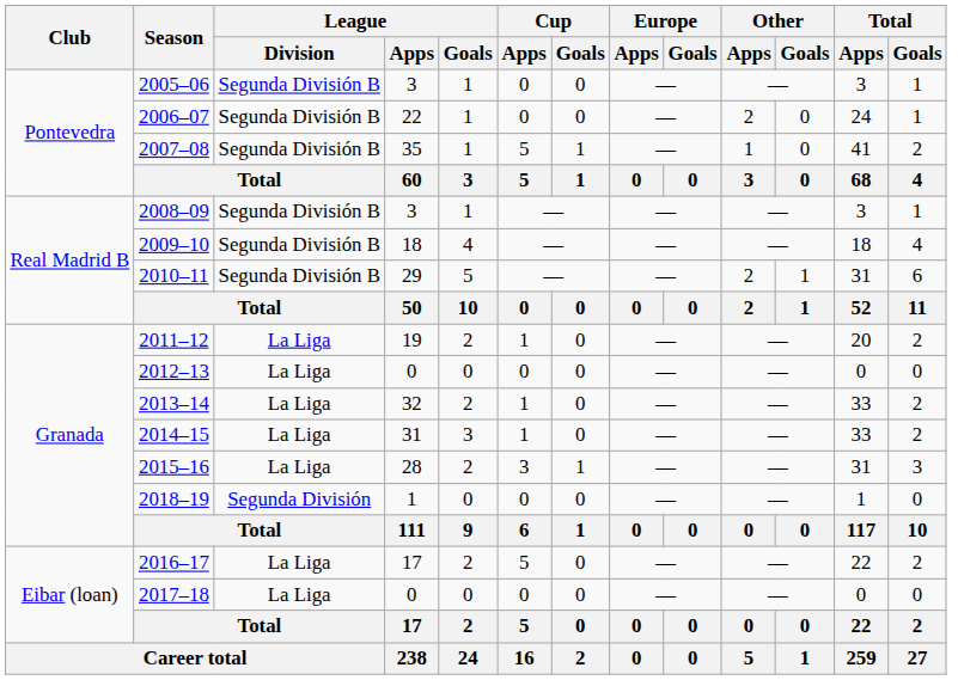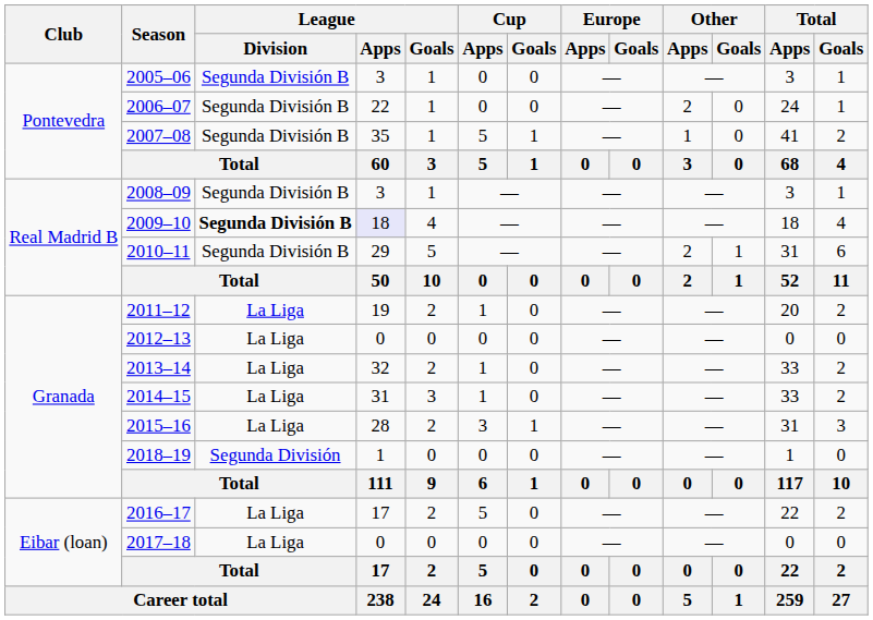 <table class="wikitable" style="text-align:center">
 <tr>
 <th rowspan="2">Club</th>
 <th rowspan="2">Season</th>
 <th colspan="3">League</th>
 <th colspan="2">Cup</th>
 <th colspan="2">Europe</th>
 <th colspan="2">Other</th>
 <th colspan="2">Total</th>
 </tr>
 <tr>
 <th>Division</th>
 <th>Apps</th>
 <th>Goals</th>
 <th>Apps</th>
 <th>Goals</th>
 <th>Apps</th>
 <th>Goals</th>
 <th>Apps</th>
 <th>Goals</th>
 <th>Apps</th>
 <th>Goals</th>
 </tr>
 <tr>
 <td rowspan="4"><a href='#'>Pontevedra</a></td>
 <td><a href='#'>2005–06</a></td>
 <td><a href='#'>Segunda División B</a></td>
 <td>3</td>
 <td>1</td>
 <td>0</td>
 <td>0</td>
 <td colspan="2">—</td>
 <td colspan="2">—</td>
 <td>3</td>
 <td>1</td>
 </tr>
 <tr>
 <td><a href='#'>2006–07</a></td>
 <td>Segunda División B</td>
 <td>22</td>
 <td>1</td>
 <td>0</td>
 <td>0</td>
 <td colspan="2">—</td>
 <td>2</td>
 <td>0</td>
 <td>24</td>
 <td>1</td>
 </tr>
 <tr>
 <td><a href='#'>2007–08</a></td>
 <td>Segunda División B</td>
 <td>35</td>
 <td>1</td>
 <td>5</td>
 <td>1</td>
 <td colspan="2">—</td>
 <td>1</td>
 <td>0</td>
 <td>41</td>
 <td>2</td>
 </tr>
 <tr>
 <th colspan="2">Total</th>
 <th>60</th>
 <th>3</th>
 <th>5</th>
 <th>1</th>
 <th>0</th>
 <th>0</th>
 <th>3</th>
 <th>0</th>
 <th>68</th>
 <th>4</th>
 </tr>
 <tr>
 <td rowspan="4"><a href='#'>Real Madrid B</a></td>
 <td><a href='#'>2008–09</a></td>
 <td>Segunda División B</td>
 <td>3</td>
 <td>1</td>
 <td colspan="2">—</td>
 <td colspan="2">—</td>
 <td colspan="2">—</td>
 <td>3</td>
 <td>1</td>
 </tr>
 <tr>
 <td><a href='#'>2009–10</a></td>
-<td>Segunda División B</td>
-<td>18</td>
+<td><strong>Segunda División B</strong></td>
+<td style="background: lavender;">18</td>
 <td>4</td>
 <td colspan="2">—</td>
 <td colspan="2">—</td>
 <td colspan="2">—</td>
 <td>18</td>
 <td>4</td>
 </tr>
 <tr>
 <td><a href='#'>2010–11</a></td>
 <td>Segunda División B</td>
 <td>29</td>
 <td>5</td>
 <td colspan="2">—</td>
 <td colspan="2">—</td>
 <td>2</td>
 <td>1</td>
 <td>31</td>
 <td>6</td>
 </tr>
 <tr>
 <th colspan="2">Total</th>
 <th>50</th>
 <th>10</th>
 <th>0</th>
 <th>0</th>
 <th>0</th>
 <th>0</th>
 <th>2</th>
 <th>1</th>
 <th>52</th>
 <th>11</th>
 </tr>
 <tr>
 <td rowspan="7"><a href='#'>Granada</a></td>
 <td><a href='#'>2011–12</a></td>
 <td><a href='#'>La Liga</a></td>
 <td>19</td>
 <td>2</td>
 <td>1</td>
 <td>0</td>
 <td colspan="2">—</td>
 <td colspan="2">—</td>
 <td>20</td>
 <td>2</td>
 </tr>
 <tr>
 <td><a href='#'>2012–13</a></td>
 <td>La Liga</td>
 <td>0</td>
 <td>0</td>
 <td>0</td>
 <td>0</td>
 <td colspan="2">—</td>
 <td colspan="2">—</td>
 <td>0</td>
 <td>0</td>
 </tr>
 <tr>
 <td><a href='#'>2013–14</a></td>
 <td>La Liga</td>
 <td>32</td>
 <td>2</td>
 <td>1</td>
 <td>0</td>
 <td colspan="2">—</td>
 <td colspan="2">—</td>
 <td>33</td>
 <td>2</td>
 </tr>
 <tr>
 <td><a href='#'>2014–15</a></td>
 <td>La Liga</td>
 <td>31</td>
 <td>3</td>
 <td>1</td>
 <td>0</td>
 <td colspan="2">—</td>
 <td colspan="2">—</td>
 <td>33</td>
 <td>2</td>
 </tr>
 <tr>
 <td><a href='#'>2015–16</a></td>
 <td>La Liga</td>
 <td>28</td>
 <td>2</td>
 <td>3</td>
 <td>1</td>
 <td colspan="2">—</td>
 <td colspan="2">—</td>
 <td>31</td>
 <td>3</td>
 </tr>
 <tr>
 <td><a href='#'>2018–19</a></td>
 <td><a href='#'>Segunda División</a></td>
 <td>1</td>
 <td>0</td>
 <td>0</td>
 <td>0</td>
 <td colspan="2">—</td>
 <td colspan="2">—</td>
 <td>1</td>
 <td>0</td>
 </tr>
 <tr>
 <th colspan="2">Total</th>
 <th>111</th>
 <th>9</th>
 <th>6</th>
 <th>1</th>
 <th>0</th>
 <th>0</th>
 <th>0</th>
 <th>0</th>
 <th>117</th>
 <th>10</th>
 </tr>
 <tr>
 <td rowspan="3"><a href='#'>Eibar</a> (loan)</td>
 <td><a href='#'>2016–17</a></td>
 <td>La Liga</td>
 <td>17</td>
 <td>2</td>
 <td>5</td>
 <td>0</td>
 <td colspan="2">—</td>
 <td colspan="2">—</td>
 <td>22</td>
 <td>2</td>
 </tr>
 <tr>
 <td><a href='#'>2017–18</a></td>
 <td>La Liga</td>
 <td>0</td>
 <td>0</td>
 <td>0</td>
 <td>0</td>
 <td colspan="2">—</td>
 <td colspan="2">—</td>
 <td>0</td>
 <td>0</td>
 </tr>
 <tr>
 <th colspan="2">Total</th>
 <th>17</th>
 <th>2</th>
 <th>5</th>
 <th>0</th>
 <th>0</th>
 <th>0</th>
 <th>0</th>
 <th>0</th>
 <th>22</th>
 <th>2</th>
 </tr>
 <tr>
 <th colspan="3">Career total</th>
 <th>238</th>
 <th>24</th>
 <th>16</th>
 <th>2</th>
 <th>0</th>
 <th>0</th>
 <th>5</th>
 <th>1</th>
 <th>259</th>
 <th>27</th>
 </tr>
 </table>
